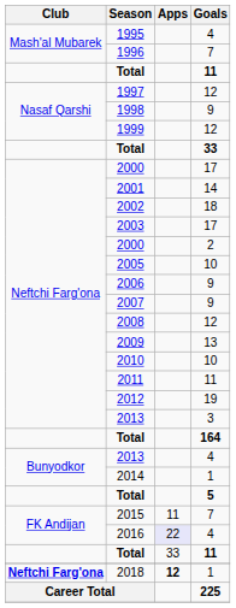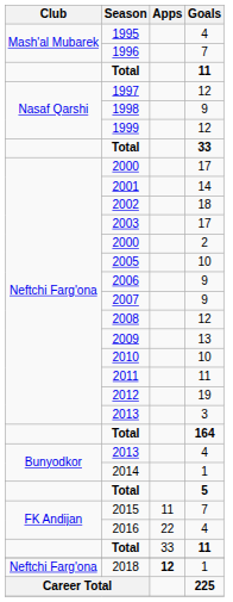 <table class="wikitable" style="font-size:100%; text-align: center">
 <tr>
 <th rowspan="1">Club</th>
 <th rowspan="1">Season</th>
 <th colspan="1">Apps</th>
 <th colspan="1">Goals</th>
 </tr>
 <tr>
 <td rowspan="2"><a href='#'>Mash'al Mubarek</a></td>
 <td><a href='#'>1995</a></td>
 <td></td>
 <td>4</td>
 </tr>
 <tr>
 <td><a href='#'>1996</a></td>
 <td></td>
 <td>7</td>
 </tr>
 <tr>
 <td></td>
 <td><strong>Total</strong></td>
 <td></td>
 <td><strong>11</strong></td>
 </tr>
 <tr>
 <td rowspan="3"><a href='#'>Nasaf Qarshi</a></td>
 <td><a href='#'>1997</a></td>
 <td></td>
 <td>12</td>
 </tr>
 <tr>
 <td><a href='#'>1998</a></td>
 <td></td>
 <td>9</td>
 </tr>
 <tr>
 <td><a href='#'>1999</a></td>
 <td></td>
 <td>12</td>
 </tr>
 <tr>
 <td></td>
 <td><strong>Total</strong></td>
 <td></td>
 <td><strong>33</strong></td>
 </tr>
 <tr>
 <td rowspan="14"><a href='#'>Neftchi Farg'ona</a></td>
 <td><a href='#'>2000</a></td>
 <td></td>
 <td>17</td>
 </tr>
 <tr>
 <td><a href='#'>2001</a></td>
 <td></td>
 <td>14</td>
 </tr>
 <tr>
 <td><a href='#'>2002</a></td>
 <td></td>
 <td>18</td>
 </tr>
 <tr>
 <td><a href='#'>2003</a></td>
 <td></td>
 <td>17</td>
 </tr>
 <tr>
 <td><a href='#'>2000</a></td>
 <td></td>
 <td>2</td>
 </tr>
 <tr>
 <td><a href='#'>2005</a></td>
 <td></td>
 <td>10</td>
 </tr>
 <tr>
 <td><a href='#'>2006</a></td>
 <td></td>
 <td>9</td>
 </tr>
 <tr>
 <td><a href='#'>2007</a></td>
 <td></td>
 <td>9</td>
 </tr>
 <tr>
 <td><a href='#'>2008</a></td>
 <td></td>
 <td>12</td>
 </tr>
 <tr>
 <td><a href='#'>2009</a></td>
 <td></td>
 <td>13</td>
 </tr>
 <tr>
 <td><a href='#'>2010</a></td>
 <td></td>
 <td>10</td>
 </tr>
 <tr>
 <td><a href='#'>2011</a></td>
 <td></td>
 <td>11</td>
 </tr>
 <tr>
 <td><a href='#'>2012</a></td>
 <td></td>
 <td>19</td>
 </tr>
 <tr>
 <td><a href='#'>2013</a></td>
 <td></td>
 <td>3</td>
 </tr>
 <tr>
 <td></td>
 <td><strong>Total</strong></td>
 <td></td>
 <td><strong>164</strong></td>
 </tr>
 <tr>
 <td rowspan="2"><a href='#'>Bunyodkor</a></td>
 <td><a href='#'>2013</a></td>
 <td></td>
 <td>4</td>
 </tr>
 <tr>
 <td>2014</td>
 <td></td>
 <td>1</td>
 </tr>
 <tr>
 <td></td>
 <td><strong>Total</strong></td>
 <td></td>
 <td><strong>5</strong></td>
 </tr>
 <tr>
 <td rowspan="2"><a href='#'>FK Andijan</a></td>
 <td>2015</td>
 <td>11</td>
 <td>7</td>
 </tr>
 <tr>
 <td>2016</td>
-<td style="background: lavender;">22</td>
+<td>22</td>
 <td>4</td>
 </tr>
 <tr>
 <td></td>
 <td><strong>Total</strong></td>
 <td>33</td>
 <td><strong>11</strong></td>
 </tr>
 <tr>
 </tr>
 <tr>
-<td rowspan="1"><strong><a href='#'>Neftchi Farg'ona</a></strong></td>
+<td rowspan="1"><a href='#'>Neftchi Farg'ona</a></td>
 <td>2018</td>
 <td><strong>12</strong></td>
 <td>1</td>
 </tr>
 <tr>
 <th colspan="2"><strong>Career Total</strong></th>
 <td></td>
 <td><strong>225</strong></td>
 </tr>
 <tr>
 </tr>
 </table>
